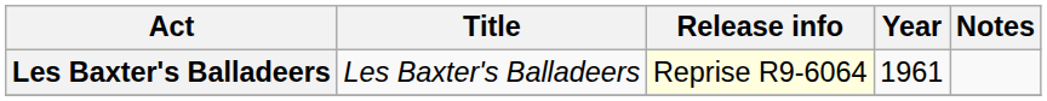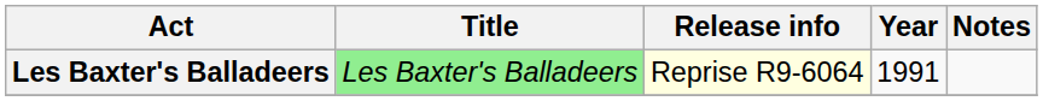 <table class="wikitable plainrowheaders sortable">
 <tr>
 <th scope="col">Act</th>
 <th scope="col">Title</th>
 <th scope="col">Release info</th>
 <th scope="col">Year</th>
 <th scope="col" class="unsortable">Notes</th>
 </tr>
 <tr>
 <th scope="row">Les Baxter's Balladeers</th>
-<td><em>Les Baxter's Balladeers</em></td>
+<td style="background: lightgreen;"><em>Les Baxter's Balladeers</em></td>
 <td style="background: lightyellow;">Reprise R9-6064</td>
-<td>1961</td>
+<td>1991</td>
 <td></td>
 </tr>
 <tr>
 </tr>
 </table>
